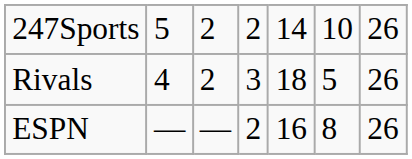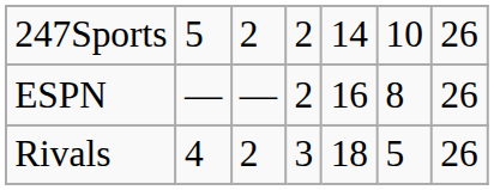 <table class="wikitable">
 <tr>
 <td>247Sports</td>
 <td>5</td>
 <td>2</td>
 <td>2</td>
 <td>14</td>
 <td>10</td>
 <td>26</td>
 </tr>
 <tr>
+<td>ESPN</td>
+<td>—</td>
+<td>—</td>
+<td>2</td>
+<td>16</td>
+<td>8</td>
+<td>26</td>
+</tr>
+<tr>
 <td>Rivals</td>
 <td>4</td>
 <td>2</td>
 <td>3</td>
 <td>18</td>
 <td>5</td>
 <td>26</td>
 </tr>
-<tr>
-<td>ESPN</td>
-<td>—</td>
-<td>—</td>
-<td>2</td>
-<td>16</td>
-<td>8</td>
-<td>26</td>
-</tr>
 </table>
